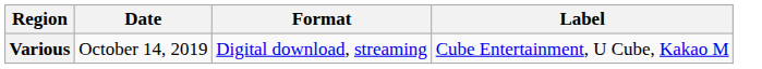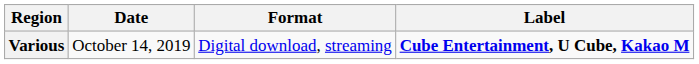 <table class="wikitable plainrowheaders">
 <tr>
 <th>Region</th>
 <th>Date</th>
 <th>Format</th>
 <th>Label</th>
 </tr>
 <tr>
 <th scope="row">Various</th>
 <td rowspan="2">October 14, 2019</td>
 <td rowspan="2"><a href='#'>Digital download</a>, <a href='#'>streaming</a></td>
-<td><a href='#'>Cube Entertainment</a>, U Cube, <a href='#'>Kakao M</a></td>
+<td><strong><a href='#'>Cube Entertainment</a>, U Cube, <a href='#'>Kakao M</a></strong></td>
 </tr>
 </table>
